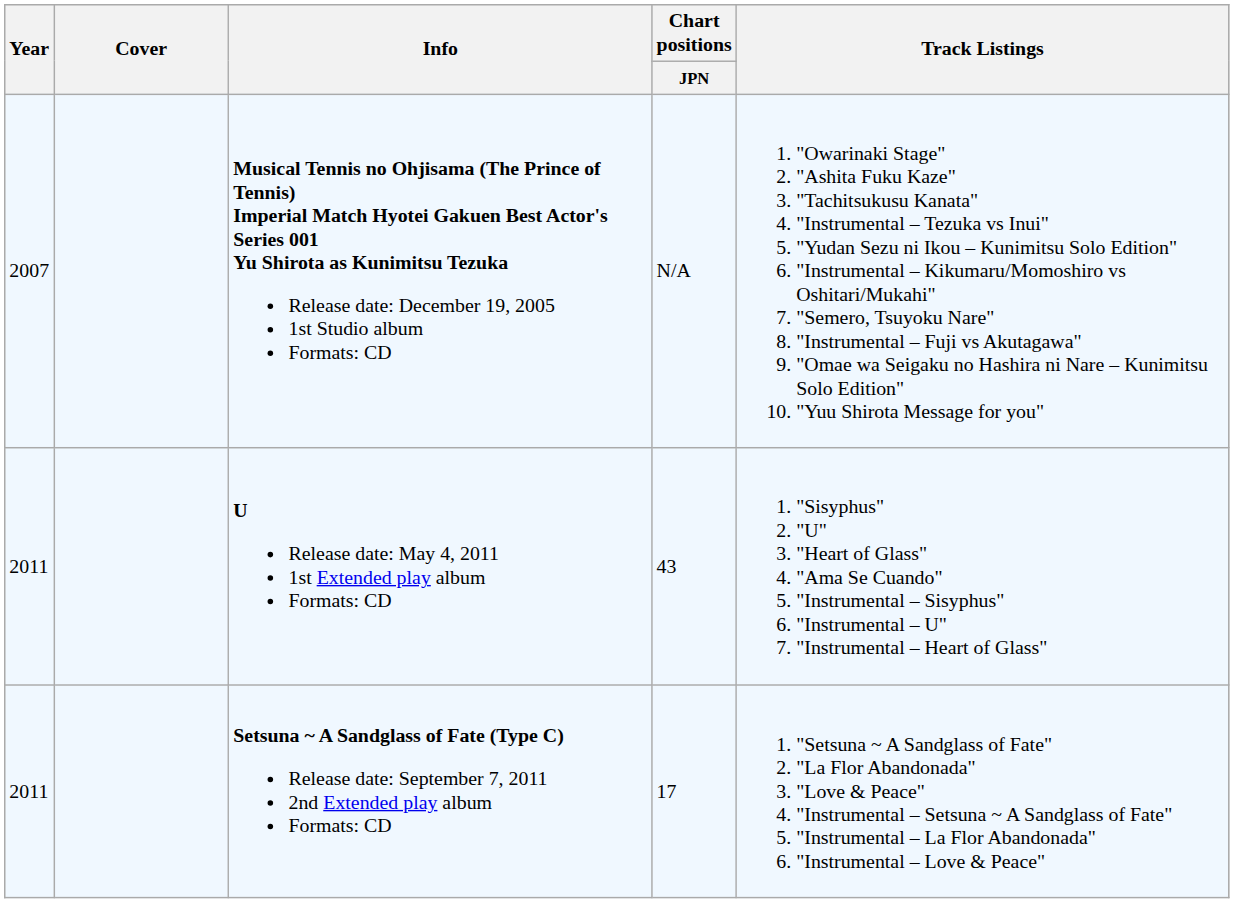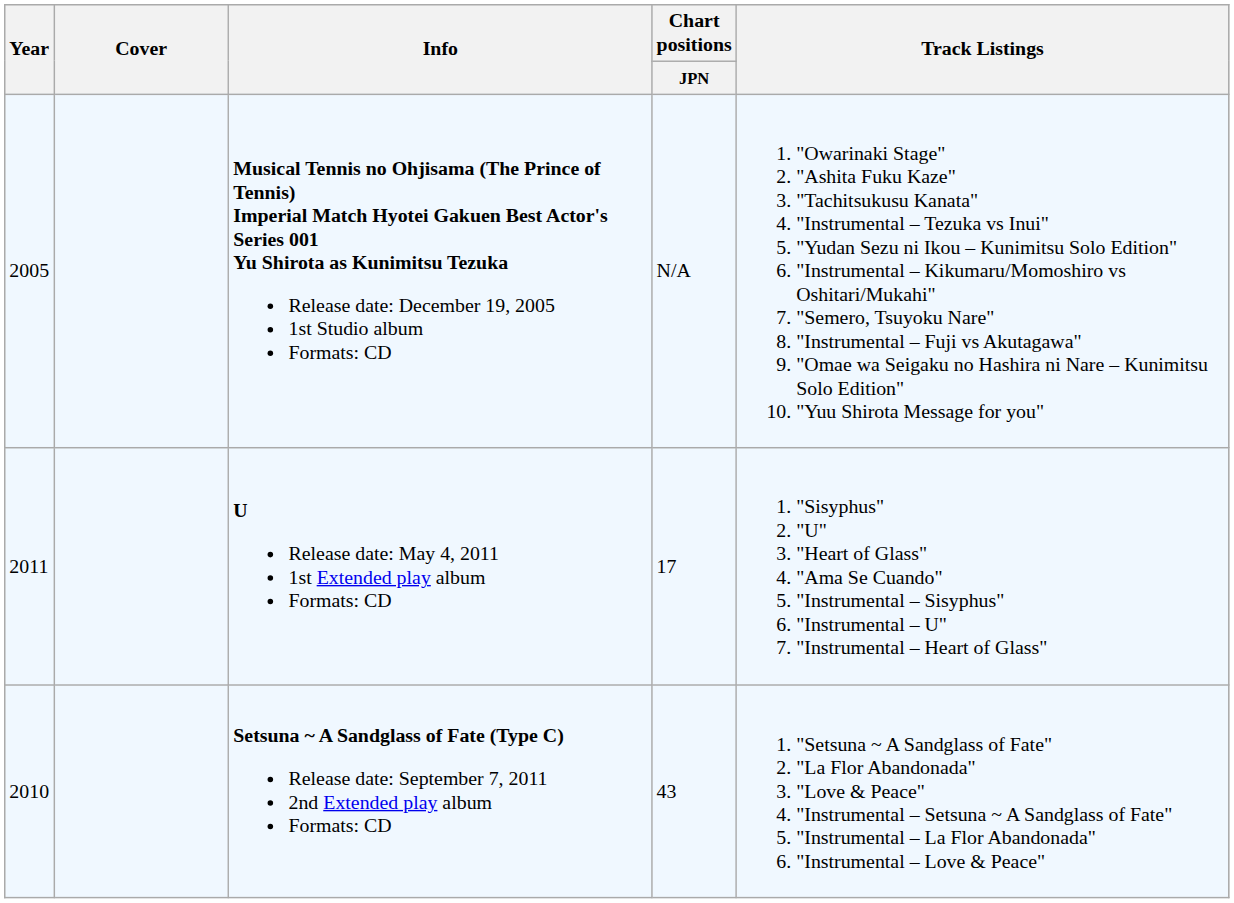 <table class="wikitable" style="background:#ccc; font-size:90%;">
 <tr style="background:#ccc; text-align:center;">
 <th style="width:25px;" rowspan="2">Year</th>
 <th style="width:120px;" rowspan="2">Cover</th>
 <th style="width:300px;" rowspan="2">Info</th>
 <th>Chart positions</th>
 <th style="width:350px;" rowspan="2">Track Listings</th>
 </tr>
 <tr style="background:#ddd;">
 <th style="width:30px;"><small>JPN</small></th>
 </tr>
 <tr style="background:#f0f8ff;">
-<td>2007</td>
+<td>2005</td>
 <td></td>
 <td><strong>Musical Tennis no Ohjisama (The Prince of Tennis)<br>Imperial Match Hyotei Gakuen Best Actor's Series 001<br>Yu Shirota as Kunimitsu Tezuka</strong><br><ul><li>Release date: December 19, 2005</li><li>1st Studio album</li><li>Formats: CD</li></ul></td>
 <td>N/A</td>
 <td><br><ol><li>"Owarinaki Stage"</li><li>"Ashita Fuku Kaze"</li><li>"Tachitsukusu Kanata"</li><li>"Instrumental – Tezuka vs Inui"</li><li>"Yudan Sezu ni Ikou – Kunimitsu Solo Edition"</li><li>"Instrumental – Kikumaru/Momoshiro vs Oshitari/Mukahi"</li><li>"Semero, Tsuyoku Nare"</li><li>"Instrumental – Fuji vs Akutagawa"</li><li>"Omae wa Seigaku no Hashira ni Nare – Kunimitsu Solo Edition"</li><li>"Yuu Shirota Message for you"</li></ol></td>
 </tr>
 <tr style="background:#f0f8ff;">
 <td>2011</td>
 <td></td>
 <td><strong>U</strong><br><ul><li>Release date: May 4, 2011</li><li>1st <a href='#'>Extended play</a> album</li><li>Formats: CD</li></ul></td>
-<td>43</td>
+<td>17</td>
 <td><br><ol><li>"Sisyphus"</li><li>"U"</li><li>"Heart of Glass"</li><li>"Ama Se Cuando"</li><li>"Instrumental – Sisyphus"</li><li>"Instrumental – U"</li><li>"Instrumental – Heart of Glass"</li></ol></td>
 </tr>
 <tr style="background:#f0f8ff;">
-<td>2011</td>
+<td>2010</td>
 <td></td>
 <td><strong>Setsuna ~ A Sandglass of Fate (Type C)</strong><br><ul><li>Release date: September 7, 2011</li><li>2nd <a href='#'>Extended play</a> album</li><li>Formats: CD</li></ul></td>
-<td>17</td>
+<td>43</td>
 <td><br><ol><li>"Setsuna ~ A Sandglass of Fate"</li><li>"La Flor Abandonada"</li><li>"Love & Peace"</li><li>"Instrumental – Setsuna ~ A Sandglass of Fate"</li><li>"Instrumental – La Flor Abandonada"</li><li>"Instrumental – Love & Peace"</li></ol></td>
 </tr>
 </table>
